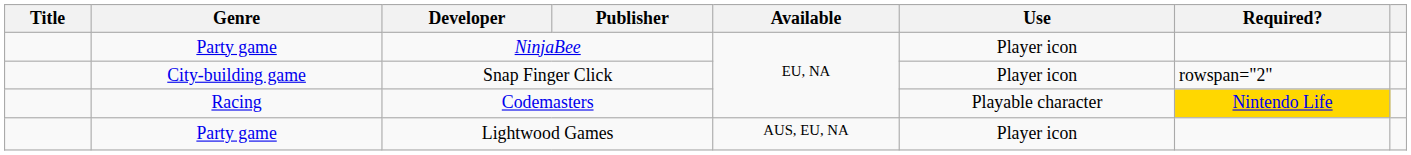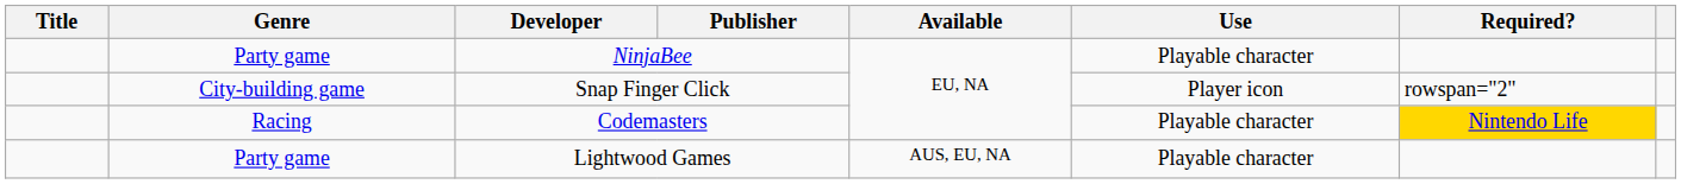 <table class="wikitable sortable" style="width:100%" id="wiiueshoplist">
 <tr>
 <th>Title</th>
 <th>Genre</th>
 <th>Developer</th>
 <th>Publisher</th>
 <th>Available</th>
 <th>Use</th>
 <th>Required?</th>
 <th></th>
 </tr>
 <tr>
 <td></td>
 <td align=center><a href='#'>Party game</a></td>
 <td colspan="2" align="center"><em><a href='#'>NinjaBee</a></em></td>
 <td rowspan="3" align=center><sup>EU, NA</sup></td>
-<td align=center>Player icon</td>
+<td align=center>Playable character</td>
 <td></td>
 <td></td>
 </tr>
 <tr>
 <td></td>
 <td align=center><a href='#'>City-building game</a></td>
 <td colspan="2" align="center">Snap Finger Click</td>
 <td align=center>Player icon</td>
 <td>rowspan="2" </td>
 <td align="center"></td>
 </tr>
 <tr>
 <td></td>
 <td align=center><a href='#'>Racing</a></td>
 <td colspan="2" align="center"><a href='#'>Codemasters</a></td>
 <td align=center>Playable character</td>
 <td align="center" style="background: gold;"><a href='#'>Nintendo Life</a></td>
 </tr>
 <tr>
 <td></td>
 <td align=center><a href='#'>Party game</a></td>
 <td colspan="2" align="center">Lightwood Games</td>
 <td align=center><sup>AUS, EU, NA</sup></td>
-<td align=center>Player icon</td>
+<td align=center>Playable character</td>
 <td></td>
 <td align="center"></td>
 </tr>
 </table>
